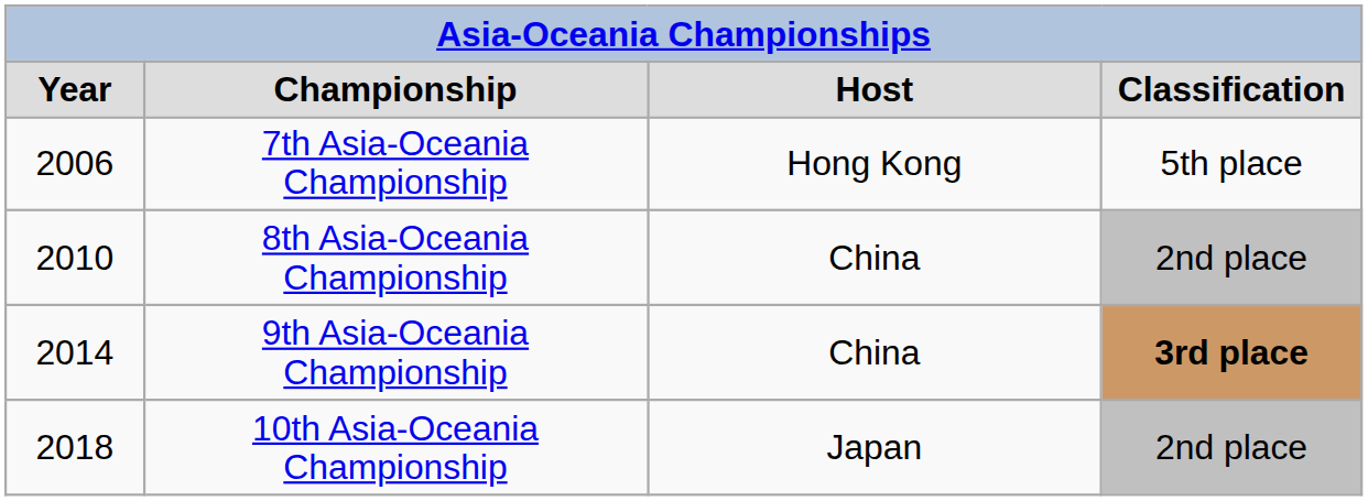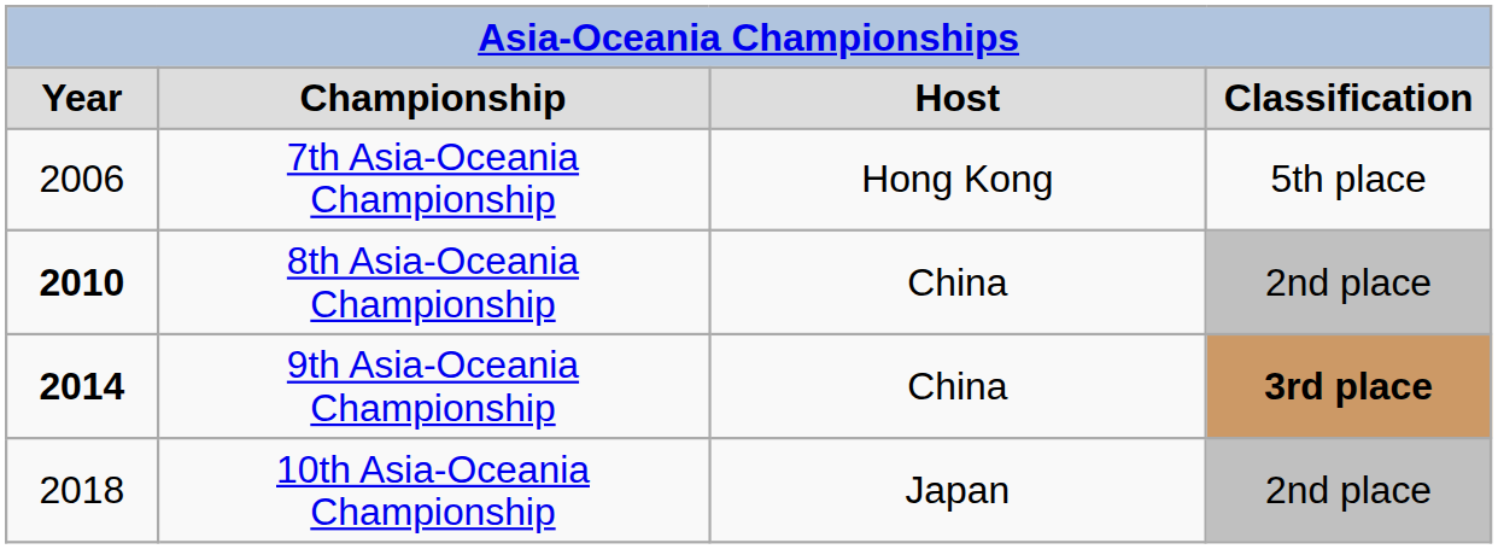 <table class="wikitable" style=font-size:90%>
 <tr align=center style="background:#B0C4DE;">
 <td colspan=4><strong><a href='#'>Asia-Oceania Championships</a></strong></td>
 </tr>
 <tr align=center bgcolor="#dddddd">
 <td width=50><strong>Year</strong></td>
 <td width=200><strong>Championship</strong></td>
 <td width=180><strong>Host</strong></td>
 <td width=100><strong>Classification</strong></td>
 </tr>
 <tr align=center>
 <td>2006</td>
 <td><a href='#'>7th Asia-Oceania Championship</a></td>
 <td>Hong Kong</td>
 <td align="center">5th place</td>
 </tr>
 <tr align=center>
-<td>2010</td>
+<td><strong>2010</strong></td>
 <td><a href='#'>8th Asia-Oceania Championship</a></td>
 <td>China</td>
 <td bgcolor="silver" align="center"> 2nd place</td>
 </tr>
 <tr align=center>
-<td>2014</td>
+<td><strong>2014</strong></td>
 <td><a href='#'>9th Asia-Oceania Championship</a></td>
 <td>China</td>
 <td bgcolor="#CC9966" align="center"><strong> 3rd place</strong></td>
 </tr>
 <tr align=center>
 <td>2018</td>
 <td><a href='#'>10th Asia-Oceania Championship</a></td>
 <td>Japan</td>
 <td bgcolor="silver" align="center"> 2nd place</td>
 </tr>
 </table>
